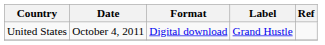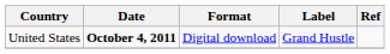 <table class="wikitable">
 <tr>
 <th>Country</th>
 <th>Date</th>
 <th>Format</th>
 <th>Label</th>
 <th>Ref</th>
 </tr>
 <tr>
 <td>United States</td>
-<td rowspan="1">October 4, 2011</td>
+<td rowspan="1"><strong>October 4, 2011</strong></td>
 <td rowspan="1"><a href='#'>Digital download</a></td>
 <td rowspan="1"><a href='#'>Grand Hustle</a></td>
 <td></td>
 </tr>
 <tr>
 </tr>
 </table>
